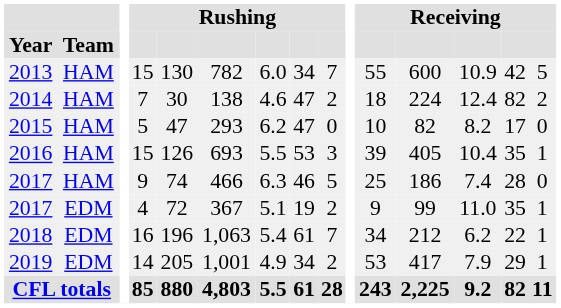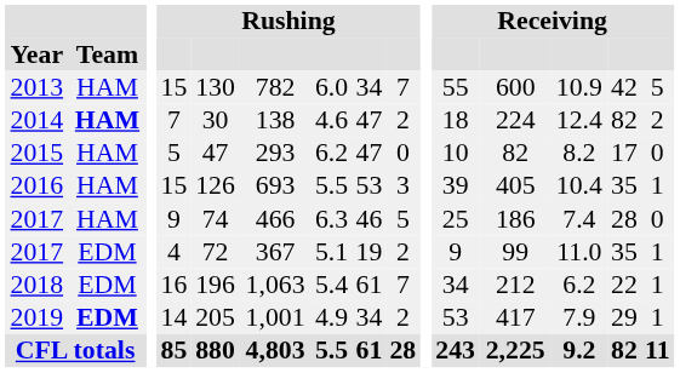 <table BORDER="0" CELLPADDING="1" CELLSPACING="0" width="65%" style="text-align:center">
 <tr bgcolor="#e0e0e0">
 <th colspan="2"></th>
 <th rowspan="101" bgcolor="#ffffff"> </th>
 <th colspan="6">Rushing</th>
 <th rowspan="101" bgcolor="#ffffff"> </th>
 <th colspan="5">Receiving</th>
 </tr>
 <tr bgcolor="#e0e0e0">
 <th>Year</th>
 <th>Team</th>
 <th></th>
 <th></th>
 <th></th>
 <th></th>
 <th></th>
 <th></th>
 <th></th>
 <th></th>
 <th></th>
 <th></th>
 <th></th>
 </tr>
 <tr ALIGN="center" bgcolor="#f0f0f0">
 <td><a href='#'>2013</a></td>
 <td><a href='#'>HAM</a></td>
 <td>15</td>
 <td>130</td>
 <td>782</td>
 <td>6.0</td>
 <td>34</td>
 <td>7</td>
 <td>55</td>
 <td>600</td>
 <td>10.9</td>
 <td>42</td>
 <td>5</td>
 </tr>
 <tr ALIGN="center" bgcolor="#f0f0f0">
 <td><a href='#'>2014</a></td>
-<td><a href='#'>HAM</a></td>
+<td><strong><a href='#'>HAM</a></strong></td>
 <td>7</td>
 <td>30</td>
 <td>138</td>
 <td>4.6</td>
 <td>47</td>
 <td>2</td>
 <td>18</td>
 <td>224</td>
 <td>12.4</td>
 <td>82</td>
 <td>2</td>
 </tr>
 <tr ALIGN="center" bgcolor="#f0f0f0">
 <td><a href='#'>2015</a></td>
 <td><a href='#'>HAM</a></td>
 <td>5</td>
 <td>47</td>
 <td>293</td>
 <td>6.2</td>
 <td>47</td>
 <td>0</td>
 <td>10</td>
 <td>82</td>
 <td>8.2</td>
 <td>17</td>
 <td>0</td>
 </tr>
 <tr ALIGN="center" bgcolor="#f0f0f0">
 <td><a href='#'>2016</a></td>
 <td><a href='#'>HAM</a></td>
 <td>15</td>
 <td>126</td>
 <td>693</td>
 <td>5.5</td>
 <td>53</td>
 <td>3</td>
 <td>39</td>
 <td>405</td>
 <td>10.4</td>
 <td>35</td>
 <td>1</td>
 </tr>
 <tr ALIGN="center" bgcolor="#f0f0f0">
 <td><a href='#'>2017</a></td>
 <td><a href='#'>HAM</a></td>
 <td>9</td>
 <td>74</td>
 <td>466</td>
 <td>6.3</td>
 <td>46</td>
 <td>5</td>
 <td>25</td>
 <td>186</td>
 <td>7.4</td>
 <td>28</td>
 <td>0</td>
 </tr>
 <tr ALIGN="center" bgcolor="#f0f0f0">
 <td><a href='#'>2017</a></td>
 <td><a href='#'>EDM</a></td>
 <td>4</td>
 <td>72</td>
 <td>367</td>
 <td>5.1</td>
 <td>19</td>
 <td>2</td>
 <td>9</td>
 <td>99</td>
 <td>11.0</td>
 <td>35</td>
 <td>1</td>
 </tr>
 <tr ALIGN="center" bgcolor="#f0f0f0">
 <td><a href='#'>2018</a></td>
 <td><a href='#'>EDM</a></td>
 <td>16</td>
 <td>196</td>
 <td>1,063</td>
 <td>5.4</td>
 <td>61</td>
 <td>7</td>
 <td>34</td>
 <td>212</td>
 <td>6.2</td>
 <td>22</td>
 <td>1</td>
 </tr>
 <tr ALIGN="center" bgcolor="#f0f0f0">
 <td><a href='#'>2019</a></td>
-<td><a href='#'>EDM</a></td>
+<td><strong><a href='#'>EDM</a></strong></td>
 <td>14</td>
 <td>205</td>
 <td>1,001</td>
 <td>4.9</td>
 <td>34</td>
 <td>2</td>
 <td>53</td>
 <td>417</td>
 <td>7.9</td>
 <td>29</td>
 <td>1</td>
 </tr>
 <tr bgcolor="#e0e0e0">
 <th colspan="2"><a href='#'>CFL totals</a></th>
 <th>85</th>
 <th>880</th>
 <th>4,803</th>
 <th>5.5</th>
 <th>61</th>
 <th>28</th>
 <th>243</th>
 <th>2,225</th>
 <th>9.2</th>
 <th>82</th>
 <th>11</th>
 </tr>
 </table>
